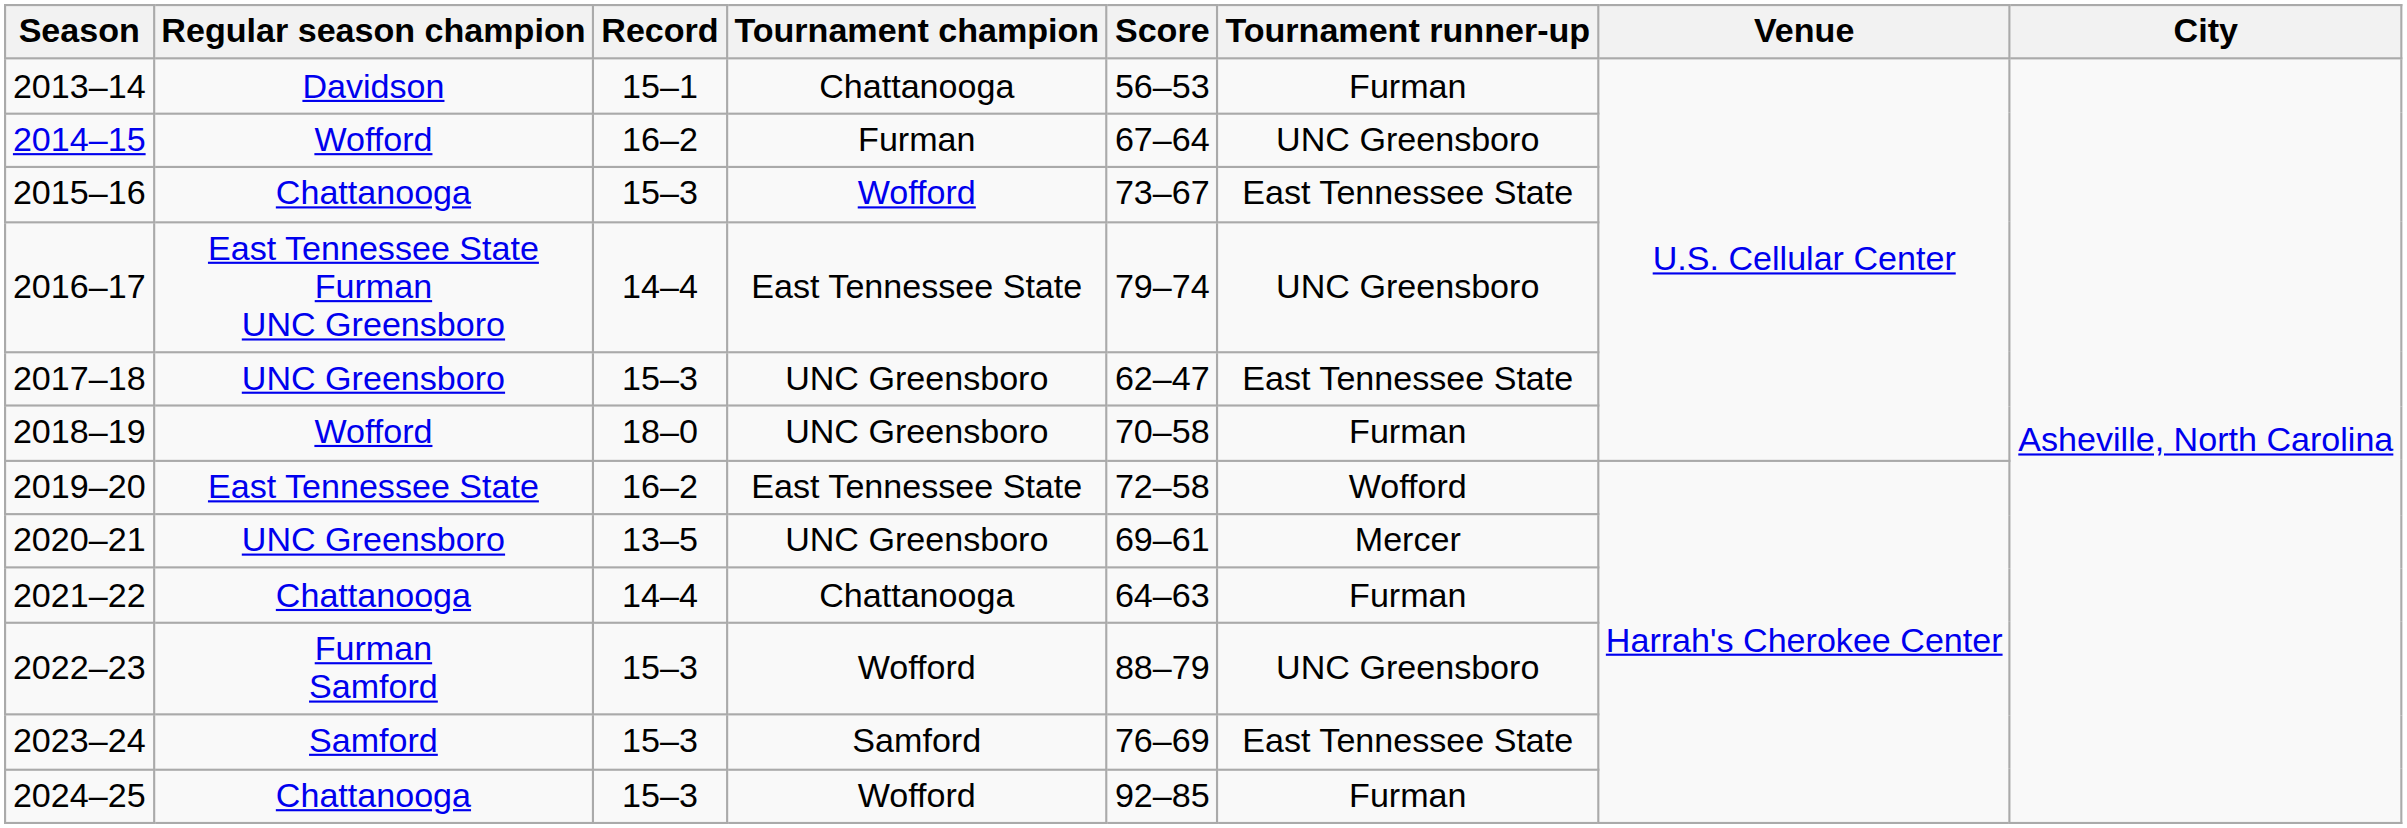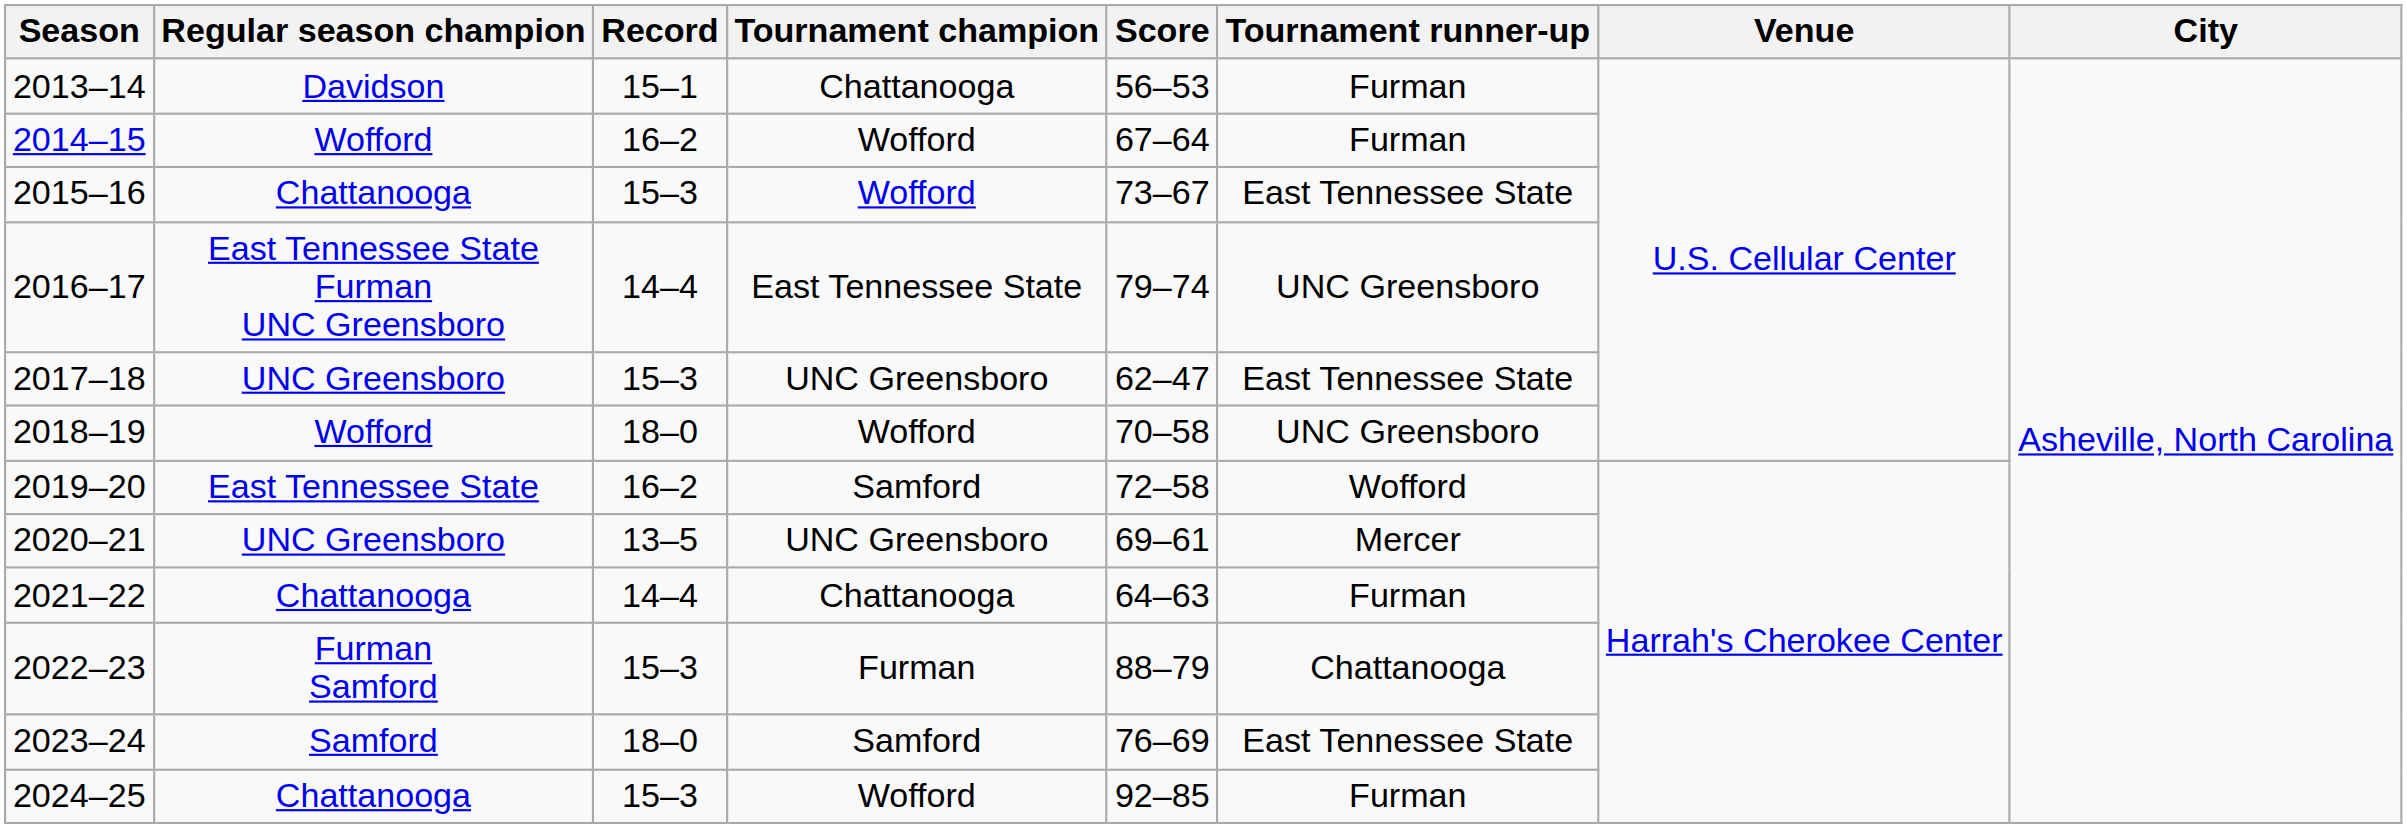 <table class="wikitable sortable" style="text-align:center">
 <tr>
 <th width=px>Season</th>
 <th width=px>Regular season champion</th>
 <th width=px>Record</th>
 <th width=px>Tournament champion</th>
 <th width=px>Score</th>
 <th width=px>Tournament runner-up</th>
 <th width=px>Venue</th>
 <th width=px>City</th>
 </tr>
 <tr>
 <td>2013–14</td>
 <td><a href='#'>Davidson</a></td>
 <td>15–1</td>
 <td>Chattanooga </td>
 <td>56–53</td>
 <td>Furman</td>
 <td rowspan=6><a href='#'>U.S. Cellular Center</a></td>
 <td rowspan="12"><a href='#'>Asheville, North Carolina</a></td>
 </tr>
 <tr>
 <td><a href='#'>2014–15</a></td>
 <td><a href='#'>Wofford</a></td>
 <td>16–2</td>
-<td>Furman </td>
+<td>Wofford </td>
 <td>67–64</td>
-<td>UNC Greensboro</td>
+<td>Furman</td>
 </tr>
 <tr>
 <td>2015–16</td>
 <td><a href='#'>Chattanooga</a></td>
 <td>15–3</td>
 <td><a href='#'>Wofford</a> </td>
 <td>73–67</td>
 <td>East  Tennessee State</td>
 </tr>
 <tr>
 <td>2016–17</td>
 <td><a href='#'>East Tennessee State</a><br><a href='#'>Furman</a><br><a href='#'>UNC Greensboro</a></td>
 <td>14–4</td>
 <td>East Tennessee State </td>
 <td>79–74</td>
 <td>UNC  Greensboro</td>
 </tr>
 <tr>
 <td>2017–18</td>
 <td><a href='#'>UNC Greensboro</a></td>
 <td>15–3</td>
 <td>UNC Greensboro </td>
 <td>62–47</td>
 <td>East Tennessee State</td>
 </tr>
 <tr>
 <td>2018–19</td>
 <td><a href='#'>Wofford</a></td>
 <td>18–0</td>
-<td>UNC Greensboro </td>
+<td>Wofford </td>
 <td>70–58</td>
-<td>Furman</td>
+<td>UNC Greensboro</td>
 </tr>
 <tr>
 <td>2019–20</td>
 <td><a href='#'>East Tennessee State</a></td>
 <td>16–2</td>
-<td>East Tennessee State </td>
+<td>Samford </td>
 <td>72–58</td>
 <td>Wofford</td>
 <td rowspan="6"><a href='#'>Harrah's Cherokee Center</a></td>
 </tr>
 <tr>
 <td>2020–21</td>
 <td><a href='#'>UNC Greensboro</a></td>
 <td>13–5</td>
 <td>UNC Greensboro </td>
 <td>69–61</td>
 <td>Mercer</td>
 </tr>
 <tr>
 <td>2021–22</td>
 <td><a href='#'>Chattanooga</a></td>
 <td>14–4</td>
 <td>Chattanooga </td>
 <td>64–63</td>
 <td>Furman</td>
 </tr>
 <tr>
 <td>2022–23</td>
 <td><a href='#'>Furman</a><br><a href='#'>Samford</a></td>
 <td>15–3</td>
-<td>Wofford </td>
+<td>Furman </td>
 <td>88–79</td>
-<td>UNC Greensboro</td>
+<td>Chattanooga</td>
 </tr>
 <tr>
 <td>2023–24</td>
 <td><a href='#'>Samford</a></td>
-<td>15–3</td>
+<td>18–0</td>
 <td>Samford </td>
 <td>76–69</td>
 <td>East Tennessee State</td>
 </tr>
 <tr>
 <td>2024–25</td>
 <td><a href='#'>Chattanooga</a></td>
 <td>15–3</td>
 <td>Wofford </td>
 <td>92–85</td>
 <td>Furman</td>
 </tr>
 </table>
